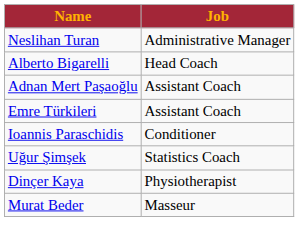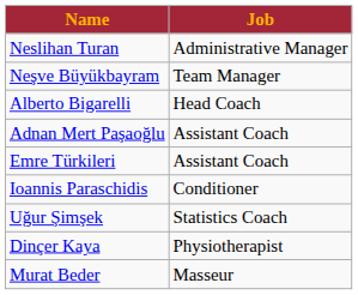 <table class="wikitable plainrowheaders sortable">
 <tr>
 <th style="background:#A32638; color:#FFB300; ">Name</th>
 <th style="background:#A32638; color:#FFB300; ">Job</th>
 </tr>
 <tr>
 <td> <a href='#'>Neslihan Turan</a></td>
 <td>Administrative Manager</td>
+</tr>
+<tr>
+<td> <a href='#'>Neşve Büyükbayram</a></td>
+<td>Team Manager</td>
 </tr>
 <tr>
 <td> <a href='#'>Alberto Bigarelli</a></td>
 <td>Head Coach</td>
 </tr>
 <tr>
 <td> <a href='#'>Adnan Mert Paşaoğlu</a></td>
 <td>Assistant Coach</td>
 </tr>
 <tr>
 <td> <a href='#'>Emre Türkileri</a></td>
 <td>Assistant Coach</td>
 </tr>
 <tr>
 <td> <a href='#'>Ioannis Paraschidis</a></td>
 <td>Conditioner</td>
 </tr>
 <tr>
 <td> <a href='#'>Uğur Şimşek</a></td>
 <td>Statistics Coach</td>
 </tr>
 <tr>
 <td> <a href='#'>Dinçer Kaya</a></td>
 <td>Physiotherapist</td>
 </tr>
 <tr>
 <td> <a href='#'>Murat Beder</a></td>
 <td>Masseur</td>
 </tr>
 </table>
